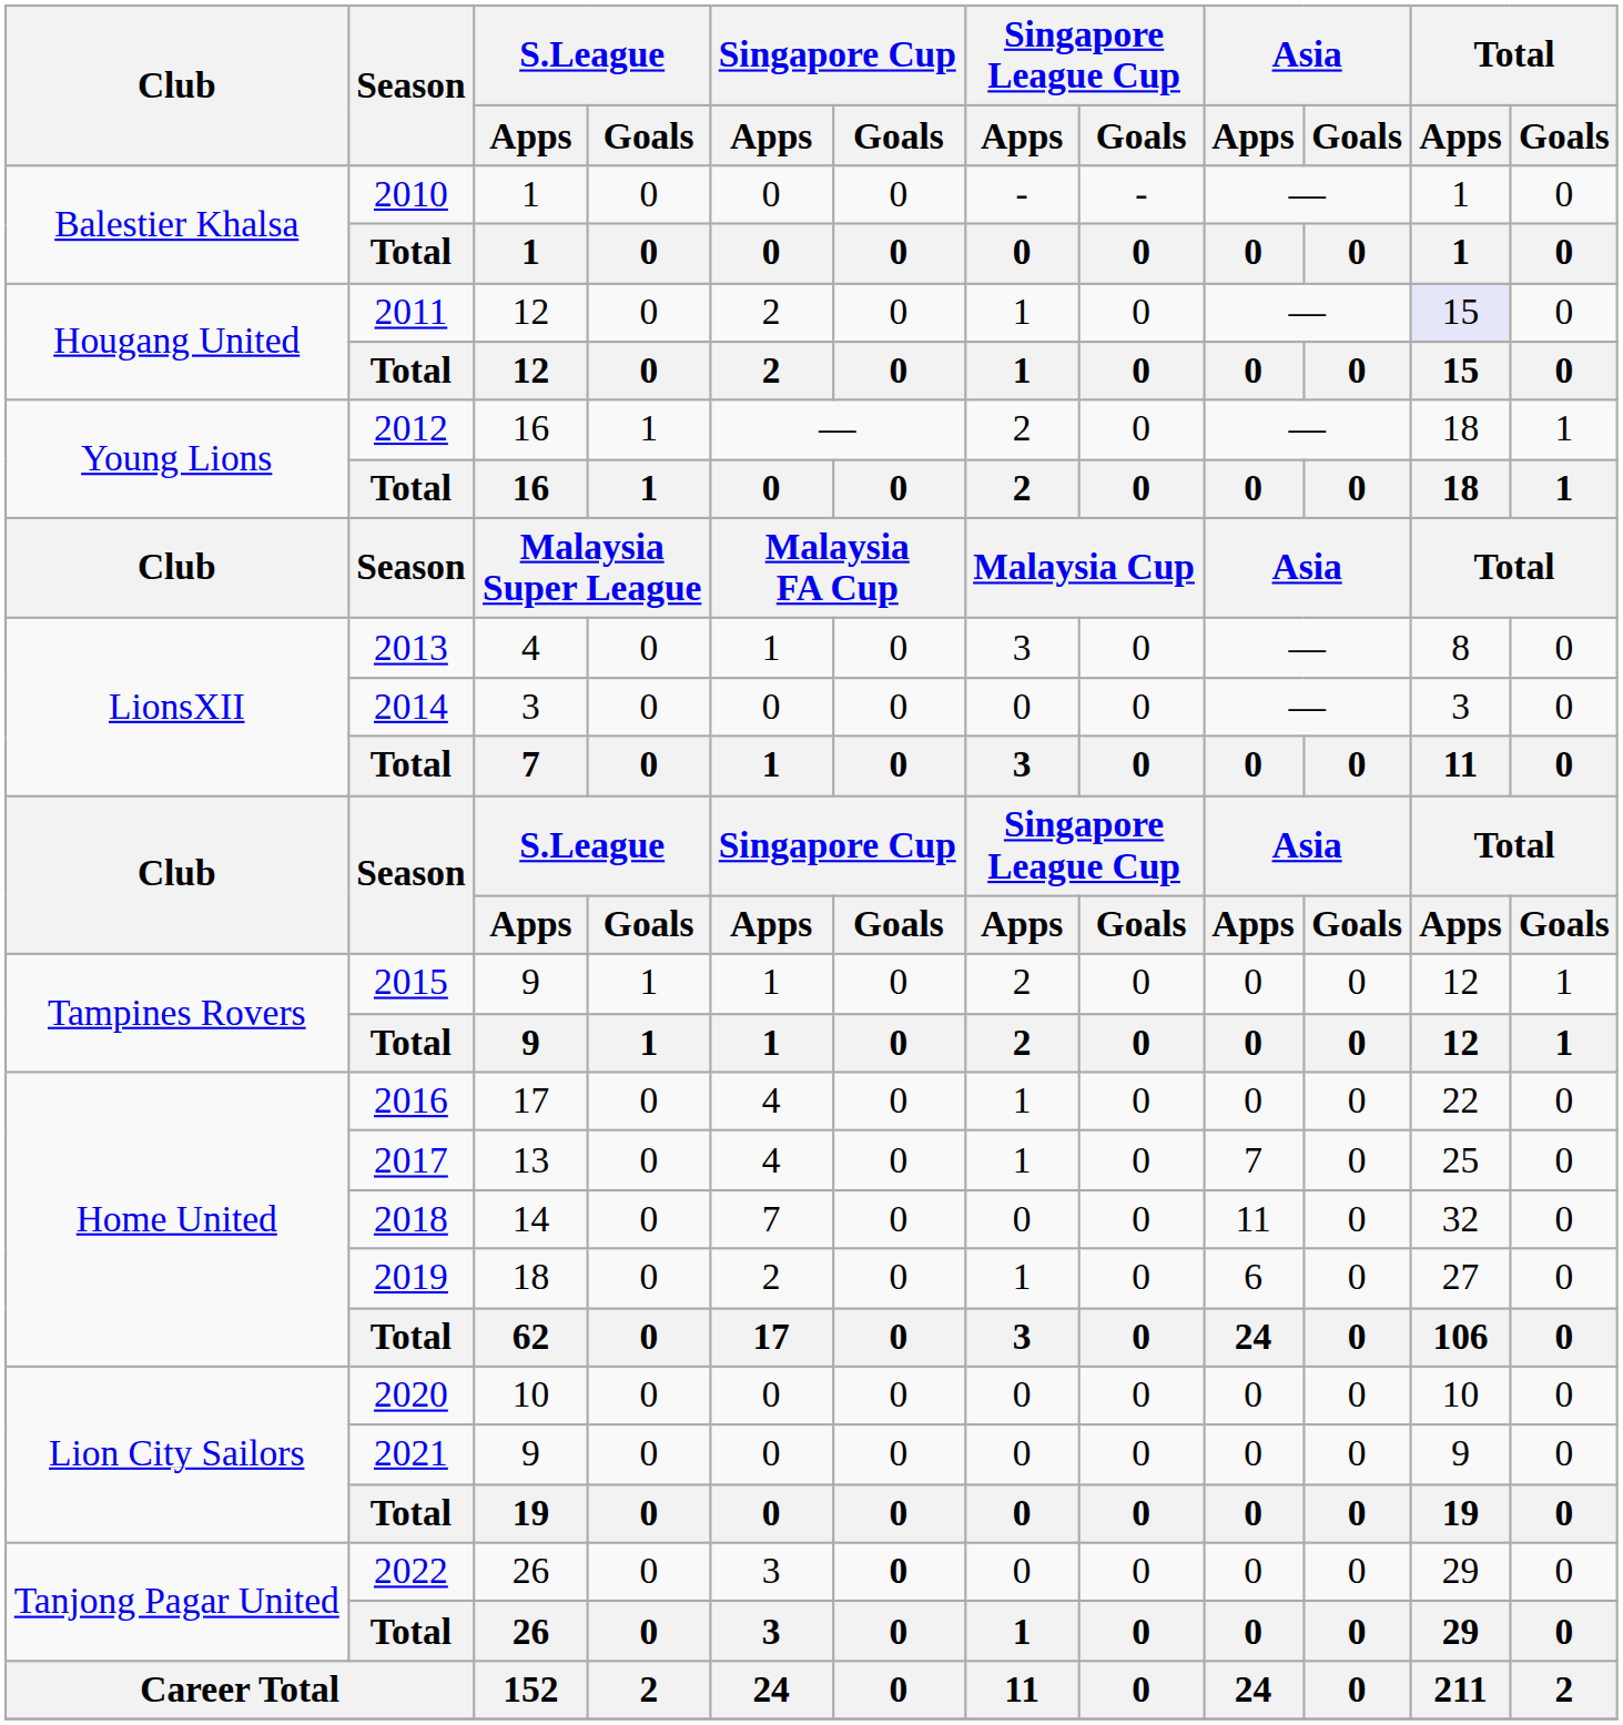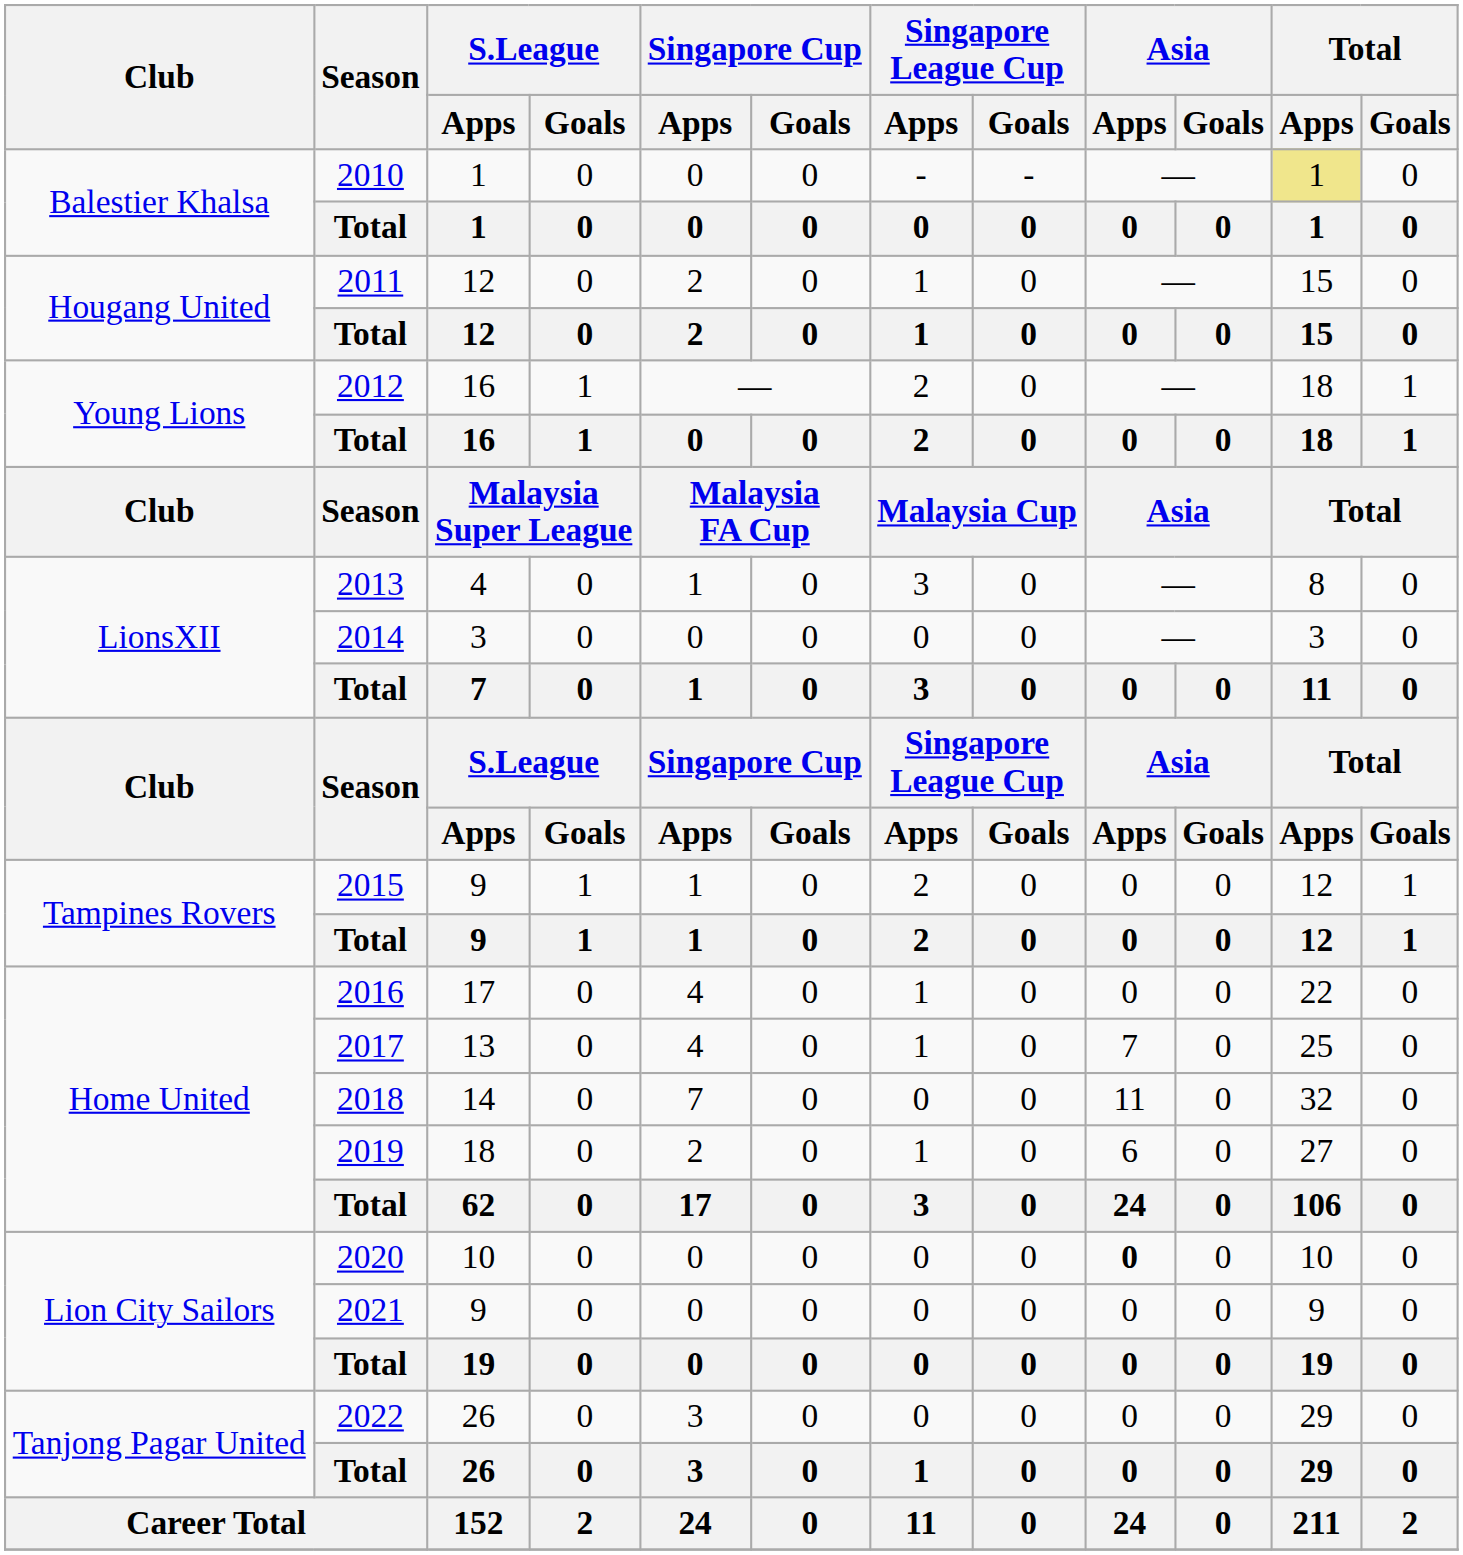 <table class="wikitable" style="text-align:center">
 <tr>
 <th rowspan="2">Club</th>
 <th rowspan="2">Season</th>
 <th colspan="2"><a href='#'>S.League</a></th>
 <th colspan="2"><a href='#'>Singapore Cup</a></th>
 <th colspan="2"><a href='#'>Singapore<br>League Cup</a></th>
 <th colspan="2"><a href='#'>Asia</a></th>
 <th colspan="2">Total</th>
 </tr>
 <tr>
 <th>Apps</th>
 <th>Goals</th>
 <th>Apps</th>
 <th>Goals</th>
 <th>Apps</th>
 <th>Goals</th>
 <th>Apps</th>
 <th>Goals</th>
 <th>Apps</th>
 <th>Goals</th>
 </tr>
 <tr>
 <td rowspan="2"><a href='#'>Balestier Khalsa</a></td>
 <td><a href='#'>2010</a></td>
 <td>1</td>
 <td>0</td>
 <td>0</td>
 <td>0</td>
 <td>-</td>
 <td>-</td>
 <td colspan='2'>—</td>
-<td>1</td>
+<td style="background: khaki;">1</td>
 <td>0</td>
 </tr>
 <tr>
 <th>Total</th>
 <th>1</th>
 <th>0</th>
 <th>0</th>
 <th>0</th>
 <th>0</th>
 <th>0</th>
 <th>0</th>
 <th>0</th>
 <th>1</th>
 <th>0</th>
 </tr>
 <tr>
 <td rowspan="2"><a href='#'>Hougang United</a></td>
 <td><a href='#'>2011</a></td>
 <td>12</td>
 <td>0</td>
 <td>2</td>
 <td>0</td>
 <td>1</td>
 <td>0</td>
 <td colspan='2'>—</td>
-<td style="background: lavender;">15</td>
+<td>15</td>
 <td>0</td>
 </tr>
 <tr>
 <th>Total</th>
 <th>12</th>
 <th>0</th>
 <th>2</th>
 <th>0</th>
 <th>1</th>
 <th>0</th>
 <th>0</th>
 <th>0</th>
 <th>15</th>
 <th>0</th>
 </tr>
 <tr>
 <td rowspan="2"><a href='#'>Young Lions</a></td>
 <td><a href='#'>2012</a></td>
 <td>16</td>
 <td>1</td>
 <td colspan='2'>—</td>
 <td>2</td>
 <td>0</td>
 <td colspan='2'>—</td>
 <td>18</td>
 <td>1</td>
 </tr>
 <tr>
 <th>Total</th>
 <th>16</th>
 <th>1</th>
 <th>0</th>
 <th>0</th>
 <th>2</th>
 <th>0</th>
 <th>0</th>
 <th>0</th>
 <th>18</th>
 <th>1</th>
 </tr>
 <tr>
 <th>Club</th>
 <th>Season</th>
 <th colspan="2"><a href='#'>Malaysia<br>Super League</a></th>
 <th colspan="2"><a href='#'>Malaysia<br>FA Cup</a></th>
 <th colspan="2"><a href='#'>Malaysia Cup</a></th>
 <th colspan="2"><a href='#'>Asia</a></th>
 <th colspan="2">Total</th>
 </tr>
 <tr>
 <td rowspan="3"><a href='#'>LionsXII</a></td>
 <td><a href='#'>2013</a></td>
 <td>4</td>
 <td>0</td>
 <td>1</td>
 <td>0</td>
 <td>3</td>
 <td>0</td>
 <td colspan='2'>—</td>
 <td>8</td>
 <td>0</td>
 </tr>
 <tr>
 <td><a href='#'>2014</a></td>
 <td>3</td>
 <td>0</td>
 <td>0</td>
 <td>0</td>
 <td>0</td>
 <td>0</td>
 <td colspan='2'>—</td>
 <td>3</td>
 <td>0</td>
 </tr>
 <tr>
 <th>Total</th>
 <th>7</th>
 <th>0</th>
 <th>1</th>
 <th>0</th>
 <th>3</th>
 <th>0</th>
 <th>0</th>
 <th>0</th>
 <th>11</th>
 <th>0</th>
 </tr>
 <tr>
 <th rowspan="2">Club</th>
 <th rowspan="2">Season</th>
 <th colspan="2"><a href='#'>S.League</a></th>
 <th colspan="2"><a href='#'>Singapore Cup</a></th>
 <th colspan="2"><a href='#'>Singapore<br>League Cup</a></th>
 <th colspan="2"><a href='#'>Asia</a></th>
 <th colspan="2">Total</th>
 </tr>
 <tr>
 <th>Apps</th>
 <th>Goals</th>
 <th>Apps</th>
 <th>Goals</th>
 <th>Apps</th>
 <th>Goals</th>
 <th>Apps</th>
 <th>Goals</th>
 <th>Apps</th>
 <th>Goals</th>
 </tr>
 <tr>
 <td rowspan="2"><a href='#'>Tampines Rovers</a></td>
 <td><a href='#'>2015</a></td>
 <td>9</td>
 <td>1</td>
 <td>1</td>
 <td>0</td>
 <td>2</td>
 <td>0</td>
 <td>0</td>
 <td>0</td>
 <td>12</td>
 <td>1</td>
 </tr>
 <tr>
 <th colspan=1>Total</th>
 <th>9</th>
 <th>1</th>
 <th>1</th>
 <th>0</th>
 <th>2</th>
 <th>0</th>
 <th>0</th>
 <th>0</th>
 <th>12</th>
 <th>1</th>
 </tr>
 <tr>
 <td rowspan="5"><a href='#'>Home United</a></td>
 <td><a href='#'>2016</a></td>
 <td>17</td>
 <td>0</td>
 <td>4</td>
 <td>0</td>
 <td>1</td>
 <td>0</td>
 <td>0</td>
 <td>0</td>
 <td>22</td>
 <td>0</td>
 </tr>
 <tr>
 <td><a href='#'>2017</a></td>
 <td>13</td>
 <td>0</td>
 <td>4</td>
 <td>0</td>
 <td>1</td>
 <td>0</td>
 <td>7</td>
 <td>0</td>
 <td>25</td>
 <td>0</td>
 </tr>
 <tr>
 <td><a href='#'>2018</a></td>
 <td>14</td>
 <td>0</td>
 <td>7</td>
 <td>0</td>
 <td>0</td>
 <td>0</td>
 <td>11</td>
 <td>0</td>
 <td>32</td>
 <td>0</td>
 </tr>
 <tr>
 <td><a href='#'>2019</a></td>
 <td>18</td>
 <td>0</td>
 <td>2</td>
 <td>0</td>
 <td>1</td>
 <td>0</td>
 <td>6</td>
 <td>0</td>
 <td>27</td>
 <td>0</td>
 </tr>
 <tr>
 <th colspan=1>Total</th>
 <th>62</th>
 <th>0</th>
 <th>17</th>
 <th>0</th>
 <th>3</th>
 <th>0</th>
 <th>24</th>
 <th>0</th>
 <th>106</th>
 <th>0</th>
 </tr>
 <tr>
 <td rowspan="3"><a href='#'>Lion City Sailors</a></td>
 <td><a href='#'>2020</a></td>
 <td>10</td>
 <td>0</td>
 <td>0</td>
 <td>0</td>
 <td>0</td>
 <td>0</td>
-<td>0</td>
+<td><strong>0</strong></td>
 <td>0</td>
 <td>10</td>
 <td>0</td>
 </tr>
 <tr>
 <td><a href='#'>2021</a></td>
 <td>9</td>
 <td>0</td>
 <td>0</td>
 <td>0</td>
 <td>0</td>
 <td>0</td>
 <td>0</td>
 <td>0</td>
 <td>9</td>
 <td>0</td>
 </tr>
 <tr>
 <th colspan=1>Total</th>
 <th>19</th>
 <th>0</th>
 <th>0</th>
 <th>0</th>
 <th>0</th>
 <th>0</th>
 <th>0</th>
 <th>0</th>
 <th>19</th>
 <th>0</th>
 </tr>
 <tr>
 <td rowspan="2"><a href='#'>Tanjong Pagar United</a></td>
 <td><a href='#'>2022</a></td>
 <td>26</td>
 <td>0</td>
 <td>3</td>
-<td><strong>0</strong></td>
+<td>0</td>
 <td>0</td>
 <td>0</td>
 <td>0</td>
 <td>0</td>
 <td>29</td>
 <td>0</td>
 </tr>
 <tr>
 <th>Total</th>
 <th>26</th>
 <th>0</th>
 <th>3</th>
 <th>0</th>
 <th>1</th>
 <th>0</th>
 <th>0</th>
 <th>0</th>
 <th>29</th>
 <th>0</th>
 </tr>
 <tr>
 <th colspan="2">Career Total</th>
 <th>152</th>
 <th>2</th>
 <th>24</th>
 <th>0</th>
 <th>11</th>
 <th>0</th>
 <th>24</th>
 <th>0</th>
 <th>211</th>
 <th>2</th>
 </tr>
 <tr>
 </tr>
 </table>
